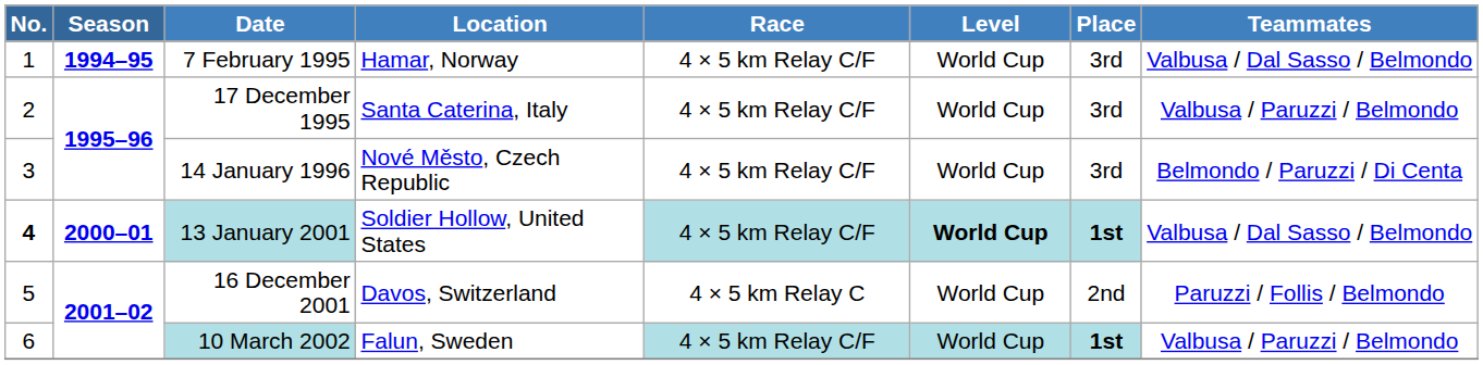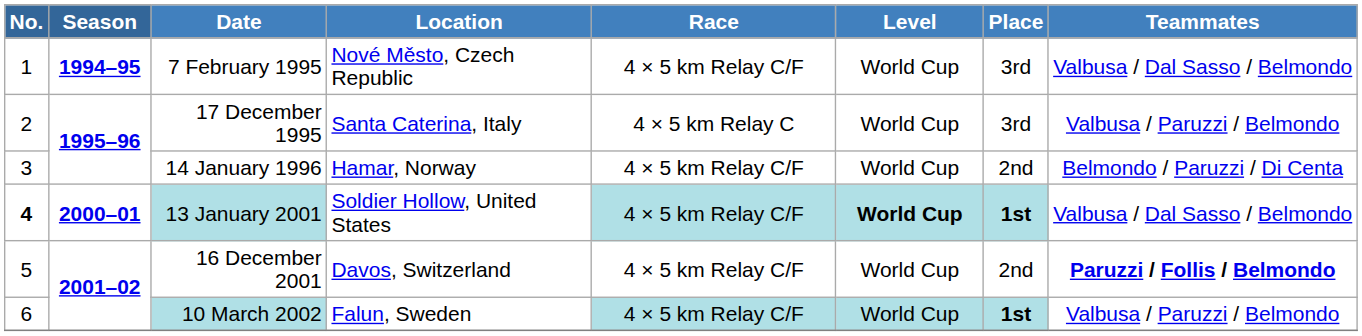 <table class="wikitable sortable" style="font-size:95%; text-align:center; border:grey solid 1px; border-collapse:collapse; background:#ffffff;">
 <tr style="background:#efefef;">
 <th style="background-color:#369; color:white;">No.</th>
 <th style="background-color:#369; color:white;">Season</th>
 <th style="background-color:#4180be; color:white; width:120px;">Date</th>
 <th style="background-color:#4180be; color:white; width:185px;">Location</th>
 <th style="background-color:#4180be; color:white; width:170px;">Race</th>
 <th style="background-color:#4180be; color:white; width:100px;">Level</th>
 <th style="background-color:#4180be; color:white;">Place</th>
 <th style="background-color:#4180be; color:white;">Teammates</th>
 </tr>
 <tr>
 </tr>
 <tr>
 <td align=center>1</td>
 <td rowspan=1 align=center><strong> <a href='#'>1994–95</a> </strong></td>
 <td align=right>7 February 1995</td>
-<td align=left> <a href='#'>Hamar</a>, Norway</td>
+<td align=left> <a href='#'>Nové Město</a>, Czech Republic</td>
 <td>4 × 5 km Relay C/F</td>
 <td>World Cup</td>
 <td>3rd</td>
 <td><a href='#'>Valbusa</a> / <a href='#'>Dal Sasso</a> / <a href='#'>Belmondo</a></td>
 </tr>
 <tr>
 <td align=center>2</td>
 <td rowspan=2 align=center><strong> <a href='#'>1995–96</a> </strong></td>
 <td align=right>17 December 1995</td>
 <td align=left> <a href='#'>Santa Caterina</a>, Italy</td>
-<td>4 × 5 km Relay C/F</td>
+<td>4 × 5 km Relay C</td>
 <td>World Cup</td>
 <td>3rd</td>
 <td><a href='#'>Valbusa</a> / <a href='#'>Paruzzi</a> / <a href='#'>Belmondo</a></td>
 </tr>
 <tr>
 <td align=center>3</td>
 <td align=right>14 January 1996</td>
-<td align=left> <a href='#'>Nové Město</a>, Czech Republic</td>
+<td align=left> <a href='#'>Hamar</a>, Norway</td>
 <td>4 × 5 km Relay C/F</td>
 <td>World Cup</td>
-<td>3rd</td>
+<td>2nd</td>
 <td><a href='#'>Belmondo</a> / <a href='#'>Paruzzi</a> / <a href='#'>Di Centa</a></td>
 </tr>
 <tr>
 <td align=center><strong>4</strong></td>
 <td rowspan=1 align=center><strong><a href='#'>2000–01</a></strong></td>
 <td bgcolor="#BOEOE6" align=right>13 January 2001</td>
 <td align=left> <a href='#'>Soldier Hollow</a>, United States</td>
 <td bgcolor="#BOEOE6">4 × 5 km Relay C/F</td>
 <td bgcolor="#BOEOE6"><strong>World Cup</strong></td>
 <td bgcolor="#BOEOE6"><strong>1st</strong></td>
 <td><a href='#'>Valbusa</a> / <a href='#'>Dal Sasso</a> / <a href='#'>Belmondo</a></td>
 </tr>
 <tr>
 <td align=center>5</td>
 <td rowspan=2 align=center><strong> <a href='#'>2001–02</a> </strong></td>
 <td align=right>16 December 2001</td>
 <td align=left> <a href='#'>Davos</a>, Switzerland</td>
-<td>4 × 5 km Relay C</td>
+<td>4 × 5 km Relay C/F</td>
 <td>World Cup</td>
 <td>2nd</td>
-<td><a href='#'>Paruzzi</a> / <a href='#'>Follis</a> / <a href='#'>Belmondo</a></td>
+<td><strong><a href='#'>Paruzzi</a> / <a href='#'>Follis</a> / <a href='#'>Belmondo</a></strong></td>
 </tr>
 <tr>
 <td align=center>6</td>
 <td bgcolor="#BOEOE6" align=right>10 March 2002</td>
 <td align=left> <a href='#'>Falun</a>, Sweden</td>
 <td bgcolor="#BOEOE6">4 × 5 km Relay C/F</td>
 <td bgcolor="#BOEOE6">World Cup</td>
 <td bgcolor="#BOEOE6"><strong>1st</strong></td>
 <td><a href='#'>Valbusa</a> / <a href='#'>Paruzzi</a> / <a href='#'>Belmondo</a></td>
 </tr>
 <tr>
 </tr>
 </table>
